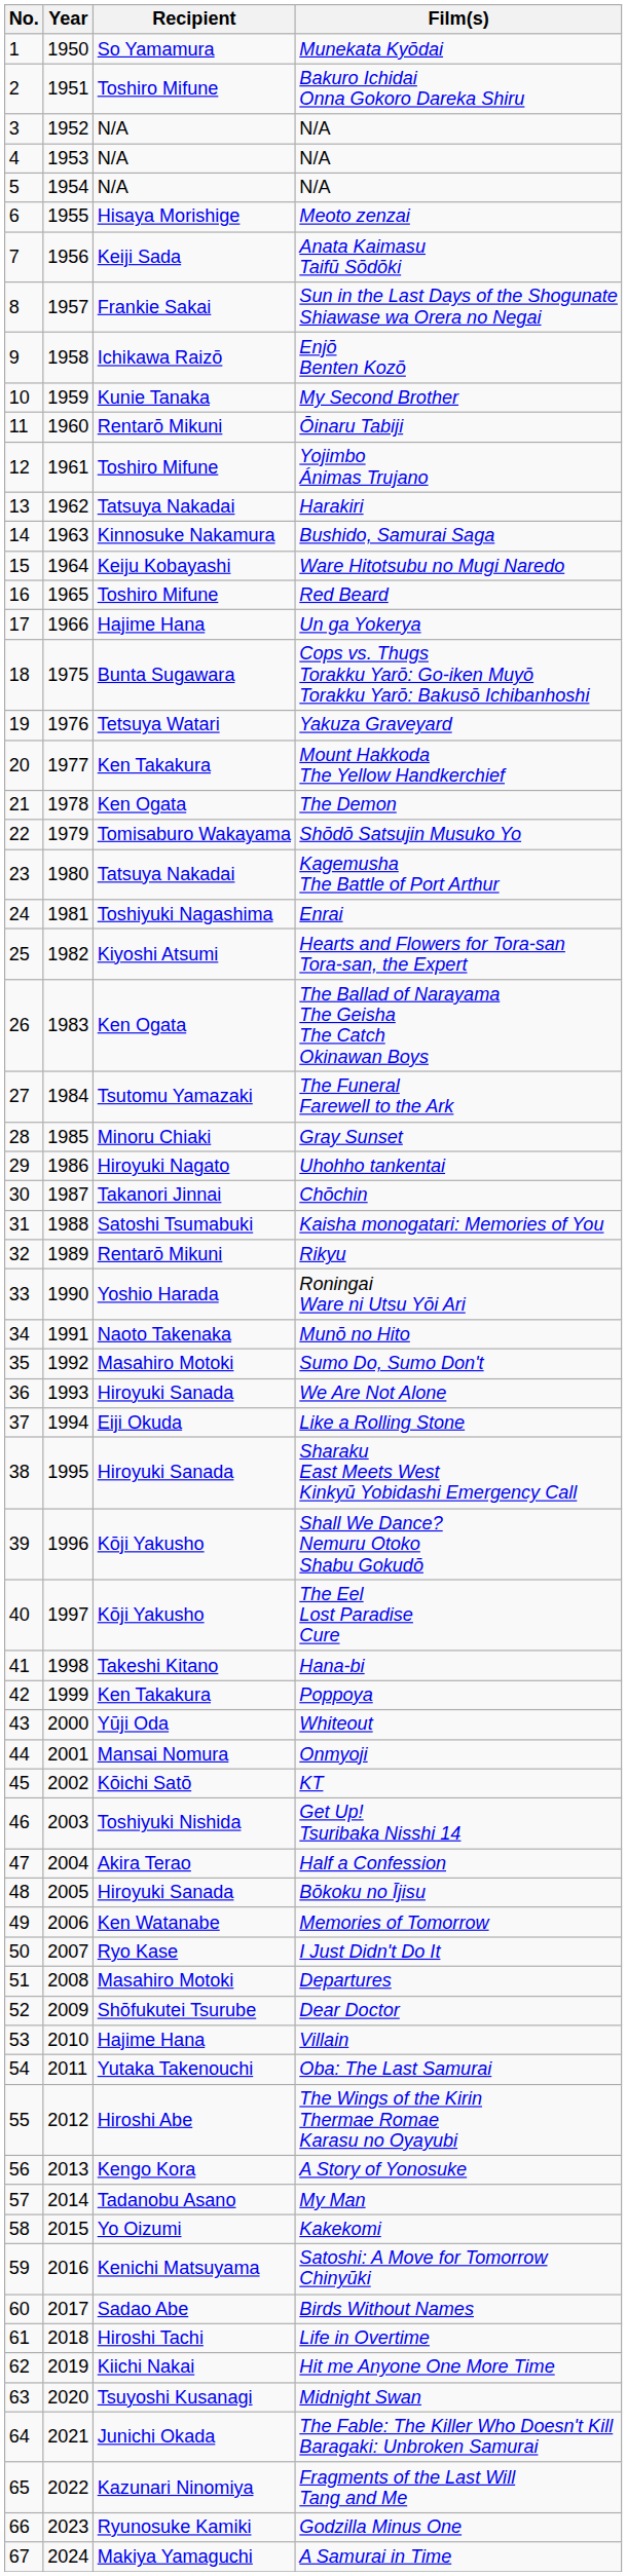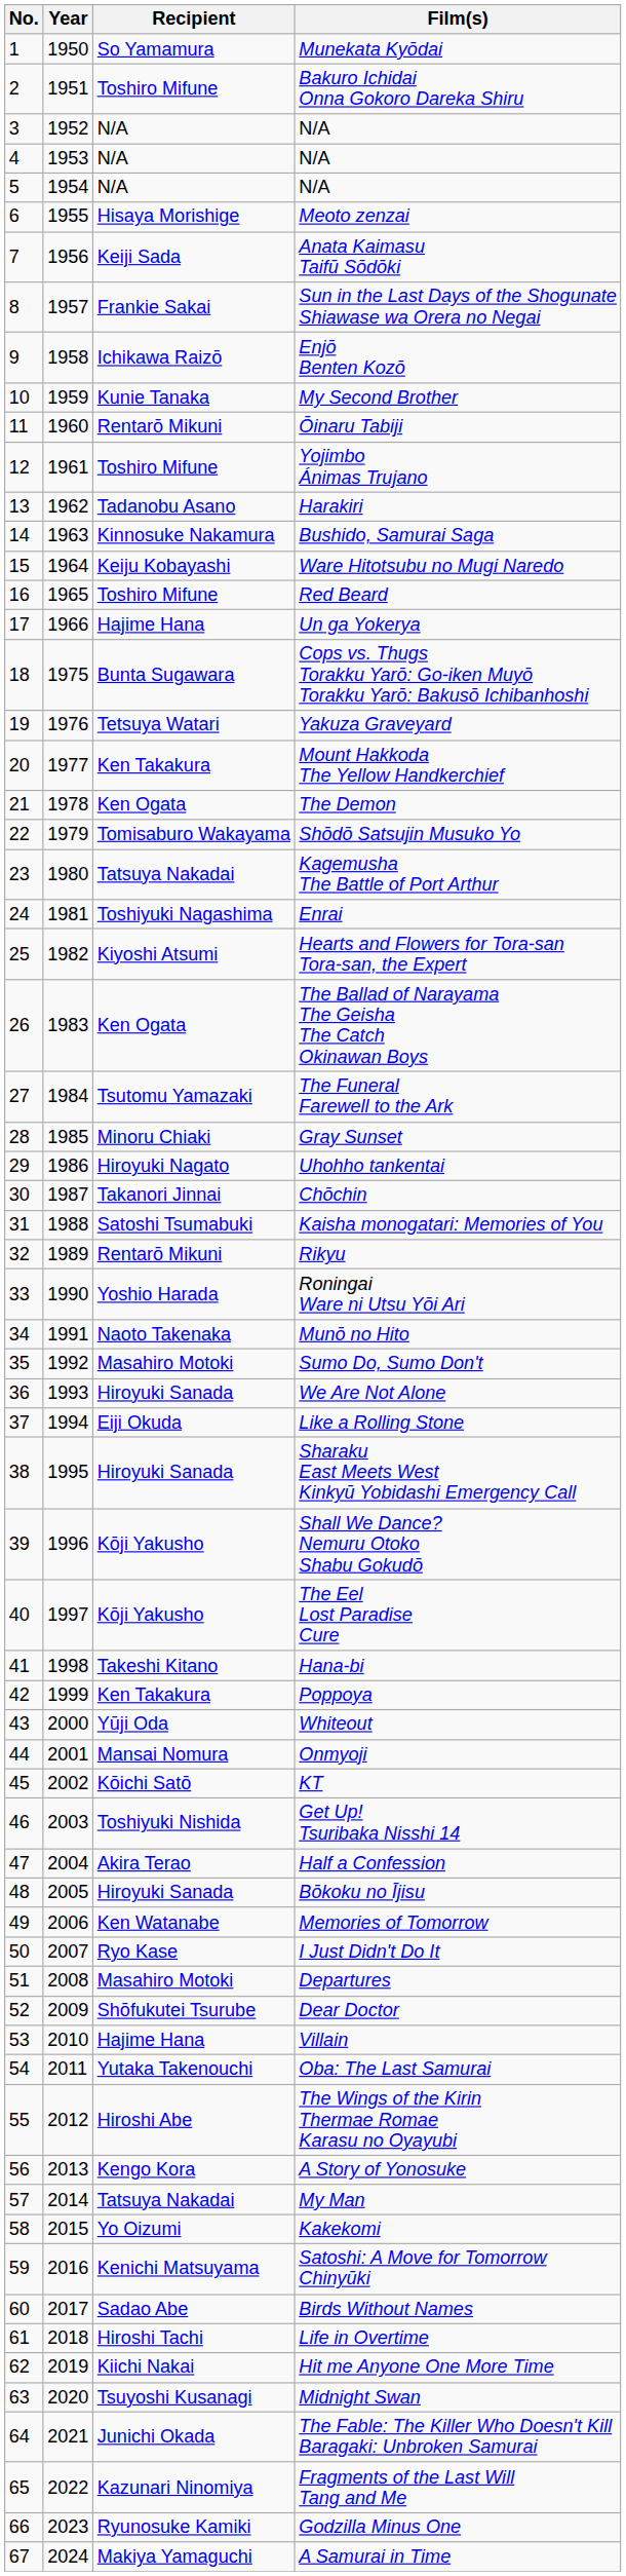 <table class="wikitable">
 <tr>
 <th>No.</th>
 <th>Year</th>
 <th>Recipient</th>
 <th>Film(s)</th>
 </tr>
 <tr>
 <td>1</td>
 <td>1950</td>
 <td><a href='#'>So Yamamura</a></td>
 <td><em><a href='#'>Munekata Kyōdai</a></em></td>
 </tr>
 <tr>
 <td>2</td>
 <td>1951</td>
 <td><a href='#'>Toshiro Mifune</a></td>
 <td><em><a href='#'>Bakuro Ichidai</a></em><br><em><a href='#'>Onna Gokoro Dareka Shiru</a></em></td>
 </tr>
 <tr>
 <td>3</td>
 <td>1952</td>
 <td>N/A</td>
 <td>N/A</td>
 </tr>
 <tr>
 <td>4</td>
 <td>1953</td>
 <td>N/A</td>
 <td>N/A</td>
 </tr>
 <tr>
 <td>5</td>
 <td>1954</td>
 <td>N/A</td>
 <td>N/A</td>
 </tr>
 <tr>
 <td>6</td>
 <td>1955</td>
 <td><a href='#'>Hisaya Morishige</a></td>
 <td><em><a href='#'>Meoto zenzai</a></em></td>
 </tr>
 <tr>
 <td>7</td>
 <td>1956</td>
 <td><a href='#'>Keiji Sada</a></td>
 <td><em><a href='#'>Anata Kaimasu</a></em><br><em><a href='#'>Taifū Sōdōki</a></em></td>
 </tr>
 <tr>
 <td>8</td>
 <td>1957</td>
 <td><a href='#'>Frankie Sakai</a></td>
 <td><em><a href='#'>Sun in the Last Days of the Shogunate</a></em><br><em><a href='#'>Shiawase wa Orera no Negai</a></em></td>
 </tr>
 <tr>
 <td>9</td>
 <td>1958</td>
 <td><a href='#'>Ichikawa Raizō</a></td>
 <td><em><a href='#'>Enjō</a></em><br><em><a href='#'>Benten Kozō</a></em></td>
 </tr>
 <tr>
 <td>10</td>
 <td>1959</td>
 <td><a href='#'>Kunie Tanaka</a></td>
 <td><em><a href='#'>My Second Brother</a></em></td>
 </tr>
 <tr>
 <td>11</td>
 <td>1960</td>
 <td><a href='#'>Rentarō Mikuni</a></td>
 <td><em><a href='#'>Ōinaru Tabiji</a></em></td>
 </tr>
 <tr>
 <td>12</td>
 <td>1961</td>
 <td><a href='#'>Toshiro Mifune</a></td>
 <td><em><a href='#'>Yojimbo</a></em><br><em><a href='#'>Ánimas Trujano</a></em></td>
 </tr>
 <tr>
 <td>13</td>
 <td>1962</td>
-<td><a href='#'>Tatsuya Nakadai</a></td>
+<td><a href='#'>Tadanobu Asano</a></td>
 <td><em><a href='#'>Harakiri</a></em></td>
 </tr>
 <tr>
 <td>14</td>
 <td>1963</td>
 <td><a href='#'>Kinnosuke Nakamura</a></td>
 <td><em><a href='#'>Bushido, Samurai Saga</a></em></td>
 </tr>
 <tr>
 <td>15</td>
 <td>1964</td>
 <td><a href='#'>Keiju Kobayashi</a></td>
 <td><em><a href='#'>Ware Hitotsubu no Mugi Naredo</a></em></td>
 </tr>
 <tr>
 <td>16</td>
 <td>1965</td>
 <td><a href='#'>Toshiro Mifune</a></td>
 <td><em><a href='#'>Red Beard</a></em></td>
 </tr>
 <tr>
 <td>17</td>
 <td>1966</td>
 <td><a href='#'>Hajime Hana</a></td>
 <td><em><a href='#'>Un ga Yokerya</a></em></td>
 </tr>
 <tr>
 <td>18</td>
 <td>1975</td>
 <td><a href='#'>Bunta Sugawara</a></td>
 <td><em><a href='#'>Cops vs. Thugs</a></em><br><em><a href='#'>Torakku Yarō: Go-iken Muyō</a></em><br><em><a href='#'>Torakku Yarō: Bakusō Ichibanhoshi</a></em></td>
 </tr>
 <tr>
 <td>19</td>
 <td>1976</td>
 <td><a href='#'>Tetsuya Watari</a></td>
 <td><em><a href='#'>Yakuza Graveyard</a></em></td>
 </tr>
 <tr>
 <td>20</td>
 <td>1977</td>
 <td><a href='#'>Ken Takakura</a></td>
 <td><em><a href='#'>Mount Hakkoda</a></em><br><em><a href='#'>The Yellow Handkerchief</a></em></td>
 </tr>
 <tr>
 <td>21</td>
 <td>1978</td>
 <td><a href='#'>Ken Ogata</a></td>
 <td><em><a href='#'>The Demon</a></em></td>
 </tr>
 <tr>
 <td>22</td>
 <td>1979</td>
 <td><a href='#'>Tomisaburo Wakayama</a></td>
 <td><em><a href='#'>Shōdō Satsujin Musuko Yo</a></em></td>
 </tr>
 <tr>
 <td>23</td>
 <td>1980</td>
 <td><a href='#'>Tatsuya Nakadai</a></td>
 <td><em><a href='#'>Kagemusha</a></em><br><em><a href='#'>The Battle of Port Arthur</a></em></td>
 </tr>
 <tr>
 <td>24</td>
 <td>1981</td>
 <td><a href='#'>Toshiyuki Nagashima</a></td>
 <td><em><a href='#'>Enrai</a></em></td>
 </tr>
 <tr>
 <td>25</td>
 <td>1982</td>
 <td><a href='#'>Kiyoshi Atsumi</a></td>
 <td><em><a href='#'>Hearts and Flowers for Tora-san</a></em><br><em><a href='#'>Tora-san, the Expert</a></em></td>
 </tr>
 <tr>
 <td>26</td>
 <td>1983</td>
 <td><a href='#'>Ken Ogata</a></td>
 <td><em><a href='#'>The Ballad of Narayama</a></em><br><em><a href='#'>The Geisha</a></em><br><em><a href='#'>The Catch</a></em><br><em><a href='#'>Okinawan Boys</a></em></td>
 </tr>
 <tr>
 <td>27</td>
 <td>1984</td>
 <td><a href='#'>Tsutomu Yamazaki</a></td>
 <td><em><a href='#'>The Funeral</a></em><br><em><a href='#'>Farewell to the Ark</a></em></td>
 </tr>
 <tr>
 <td>28</td>
 <td>1985</td>
 <td><a href='#'>Minoru Chiaki</a></td>
 <td><em><a href='#'>Gray Sunset</a></em></td>
 </tr>
 <tr>
 <td>29</td>
 <td>1986</td>
 <td><a href='#'>Hiroyuki Nagato</a></td>
 <td><em><a href='#'>Uhohho tankentai</a></em></td>
 </tr>
 <tr>
 <td>30</td>
 <td>1987</td>
 <td><a href='#'>Takanori Jinnai</a></td>
 <td><em><a href='#'>Chōchin</a></em></td>
 </tr>
 <tr>
 <td>31</td>
 <td>1988</td>
 <td><a href='#'>Satoshi Tsumabuki</a></td>
 <td><em><a href='#'>Kaisha monogatari: Memories of You</a></em></td>
 </tr>
 <tr>
 <td>32</td>
 <td>1989</td>
 <td><a href='#'>Rentarō Mikuni</a></td>
 <td><em><a href='#'>Rikyu</a></em></td>
 </tr>
 <tr>
 <td>33</td>
 <td>1990</td>
 <td><a href='#'>Yoshio Harada</a></td>
 <td><em>Roningai</em><br><em><a href='#'>Ware ni Utsu Yōi Ari</a></em></td>
 </tr>
 <tr>
 <td>34</td>
 <td>1991</td>
 <td><a href='#'>Naoto Takenaka</a></td>
 <td><em><a href='#'>Munō no Hito</a></em></td>
 </tr>
 <tr>
 <td>35</td>
 <td>1992</td>
 <td><a href='#'>Masahiro Motoki</a></td>
 <td><em><a href='#'>Sumo Do, Sumo Don't</a></em></td>
 </tr>
 <tr>
 <td>36</td>
 <td>1993</td>
 <td><a href='#'>Hiroyuki Sanada</a></td>
 <td><em><a href='#'>We Are Not Alone</a></em></td>
 </tr>
 <tr>
 <td>37</td>
 <td>1994</td>
 <td><a href='#'>Eiji Okuda</a></td>
 <td><em><a href='#'>Like a Rolling Stone</a></em></td>
 </tr>
 <tr>
 <td>38</td>
 <td>1995</td>
 <td><a href='#'>Hiroyuki Sanada</a></td>
 <td><em><a href='#'>Sharaku</a></em><br><em><a href='#'>East Meets West</a></em><br><em><a href='#'>Kinkyū Yobidashi Emergency Call</a></em></td>
 </tr>
 <tr>
 <td>39</td>
 <td>1996</td>
 <td><a href='#'>Kōji Yakusho</a></td>
 <td><em><a href='#'>Shall We Dance?</a></em><br><em><a href='#'>Nemuru Otoko</a></em><br><em><a href='#'>Shabu Gokudō</a></em></td>
 </tr>
 <tr>
 <td>40</td>
 <td>1997</td>
 <td><a href='#'>Kōji Yakusho</a></td>
 <td><em><a href='#'>The Eel</a></em><br><em><a href='#'>Lost Paradise</a></em><br><em><a href='#'>Cure</a></em></td>
 </tr>
 <tr>
 <td>41</td>
 <td>1998</td>
 <td><a href='#'>Takeshi Kitano</a></td>
 <td><em><a href='#'>Hana-bi</a></em></td>
 </tr>
 <tr>
 <td>42</td>
 <td>1999</td>
 <td><a href='#'>Ken Takakura</a></td>
 <td><em><a href='#'>Poppoya</a></em></td>
 </tr>
 <tr>
 <td>43</td>
 <td>2000</td>
 <td><a href='#'>Yūji Oda</a></td>
 <td><em><a href='#'>Whiteout</a></em></td>
 </tr>
 <tr>
 <td>44</td>
 <td>2001</td>
 <td><a href='#'>Mansai Nomura</a></td>
 <td><em><a href='#'>Onmyoji</a></em></td>
 </tr>
 <tr>
 <td>45</td>
 <td>2002</td>
 <td><a href='#'>Kōichi Satō</a></td>
 <td><em><a href='#'>KT</a></em></td>
 </tr>
 <tr>
 <td>46</td>
 <td>2003</td>
 <td><a href='#'>Toshiyuki Nishida</a></td>
 <td><em><a href='#'>Get Up!</a></em><br><em><a href='#'>Tsuribaka Nisshi 14</a></em></td>
 </tr>
 <tr>
 <td>47</td>
 <td>2004</td>
 <td><a href='#'>Akira Terao</a></td>
 <td><em><a href='#'>Half a Confession</a></em></td>
 </tr>
 <tr>
 <td>48</td>
 <td>2005</td>
 <td><a href='#'>Hiroyuki Sanada</a></td>
 <td><em><a href='#'>Bōkoku no Ījisu</a></em></td>
 </tr>
 <tr>
 <td>49</td>
 <td>2006</td>
 <td><a href='#'>Ken Watanabe</a></td>
 <td><em><a href='#'>Memories of Tomorrow</a></em></td>
 </tr>
 <tr>
 <td>50</td>
 <td>2007</td>
 <td><a href='#'>Ryo Kase</a></td>
 <td><em><a href='#'>I Just Didn't Do It</a></em></td>
 </tr>
 <tr>
 <td>51</td>
 <td>2008</td>
 <td><a href='#'>Masahiro Motoki</a></td>
 <td><em><a href='#'>Departures</a></em></td>
 </tr>
 <tr>
 <td>52</td>
 <td>2009</td>
 <td><a href='#'>Shōfukutei Tsurube</a></td>
 <td><em><a href='#'>Dear Doctor</a></em></td>
 </tr>
 <tr>
 <td>53</td>
 <td>2010</td>
 <td><a href='#'>Hajime Hana</a></td>
 <td><em><a href='#'>Villain</a></em></td>
 </tr>
 <tr>
 <td>54</td>
 <td>2011</td>
 <td><a href='#'>Yutaka Takenouchi</a></td>
 <td><em><a href='#'>Oba: The Last Samurai</a></em></td>
 </tr>
 <tr>
 <td>55</td>
 <td>2012</td>
 <td><a href='#'>Hiroshi Abe</a></td>
 <td><em><a href='#'>The Wings of the Kirin</a></em><br><em><a href='#'>Thermae Romae</a></em><br><em><a href='#'>Karasu no Oyayubi</a></em></td>
 </tr>
 <tr>
 <td>56</td>
 <td>2013</td>
 <td><a href='#'>Kengo Kora</a></td>
 <td><em><a href='#'>A Story of Yonosuke</a></em></td>
 </tr>
 <tr>
 <td>57</td>
 <td>2014</td>
-<td><a href='#'>Tadanobu Asano</a></td>
+<td><a href='#'>Tatsuya Nakadai</a></td>
 <td><em><a href='#'>My Man</a></em></td>
 </tr>
 <tr>
 <td>58</td>
 <td>2015</td>
 <td><a href='#'>Yo Oizumi</a></td>
 <td><em><a href='#'>Kakekomi</a></em></td>
 </tr>
 <tr>
 <td>59</td>
 <td>2016</td>
 <td><a href='#'>Kenichi Matsuyama</a></td>
 <td><em><a href='#'>Satoshi: A Move for Tomorrow</a></em><br><em><a href='#'>Chinyūki</a></em></td>
 </tr>
 <tr>
 <td>60</td>
 <td>2017</td>
 <td><a href='#'>Sadao Abe</a></td>
 <td><em><a href='#'>Birds Without Names</a></em></td>
 </tr>
 <tr>
 <td>61</td>
 <td>2018</td>
 <td><a href='#'>Hiroshi Tachi</a></td>
 <td><em><a href='#'>Life in Overtime</a></em></td>
 </tr>
 <tr>
 <td>62</td>
 <td>2019</td>
 <td><a href='#'>Kiichi Nakai</a></td>
 <td><em><a href='#'>Hit me Anyone One More Time</a></em></td>
 </tr>
 <tr>
 <td>63</td>
 <td>2020</td>
 <td><a href='#'>Tsuyoshi Kusanagi</a></td>
 <td><em><a href='#'>Midnight Swan</a></em></td>
 </tr>
 <tr>
 <td>64</td>
 <td>2021</td>
 <td><a href='#'>Junichi Okada</a></td>
 <td><em><a href='#'>The Fable: The Killer Who Doesn't Kill</a></em><br><em><a href='#'>Baragaki: Unbroken Samurai</a></em></td>
 </tr>
 <tr>
 <td>65</td>
 <td>2022</td>
 <td><a href='#'>Kazunari Ninomiya</a></td>
 <td><em><a href='#'>Fragments of the Last Will</a></em><br><em><a href='#'>Tang and Me</a></em></td>
 </tr>
 <tr>
 <td>66</td>
 <td>2023</td>
 <td><a href='#'>Ryunosuke Kamiki</a></td>
 <td><em><a href='#'>Godzilla Minus One</a></em></td>
 </tr>
 <tr>
 <td>67</td>
 <td>2024</td>
 <td><a href='#'>Makiya Yamaguchi</a></td>
 <td><em><a href='#'>A Samurai in Time</a></em></td>
 </tr>
 <tr>
 </tr>
 </table>
